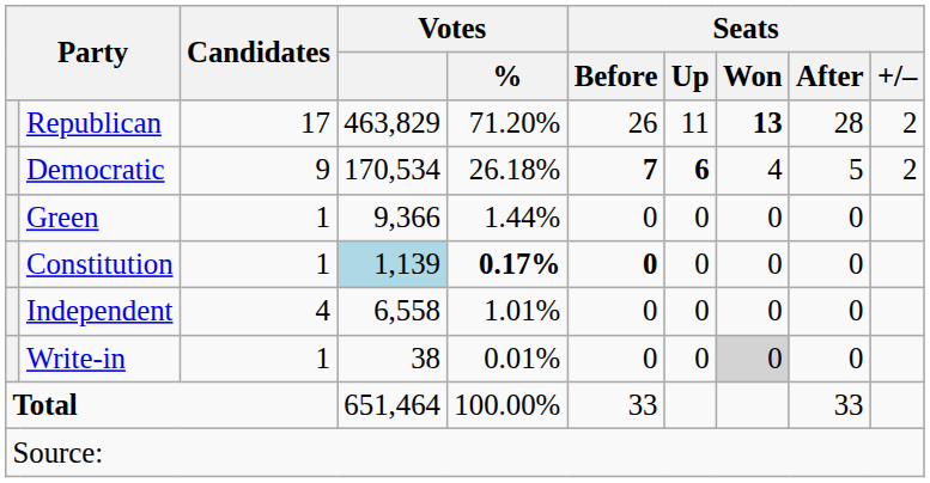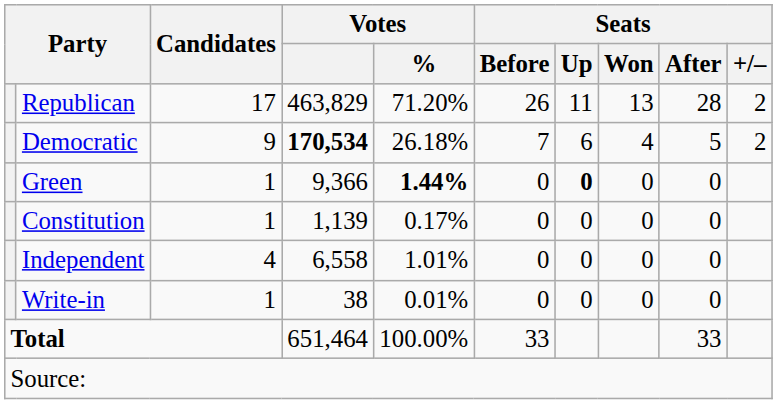 <table class="wikitable">
 <tr>
 <th colspan="2" rowspan="2">Party</th>
 <th rowspan="2">Candidates</th>
 <th colspan="2">Votes</th>
 <th colspan="5">Seats</th>
 </tr>
 <tr>
 <th></th>
 <th>%</th>
 <th>Before</th>
 <th>Up</th>
 <th>Won</th>
 <th>After</th>
 <th>+/–</th>
 </tr>
 <tr>
 <th style="background-color:"></th>
 <td><a href='#'>Republican</a></td>
 <td align="right">17</td>
 <td align="right">463,829</td>
 <td align="right">71.20%</td>
 <td align="right">26</td>
 <td align="right">11</td>
-<td align="right"><strong>13</strong></td>
+<td align="right">13</td>
 <td align="right">28</td>
 <td align="right"> 2</td>
 </tr>
 <tr>
 <th style="background-color:"></th>
 <td><a href='#'>Democratic</a></td>
 <td align="right">9</td>
-<td align="right">170,534</td>
+<td align="right"><strong>170,534</strong></td>
 <td align="right">26.18%</td>
-<td align="right"><strong>7</strong></td>
-<td align="right"><strong>6</strong></td>
+<td align="right">7</td>
+<td align="right">6</td>
 <td align="right">4</td>
 <td align="right">5</td>
 <td align="right"> 2</td>
 </tr>
 <tr>
 <th style="background-color:"></th>
 <td><a href='#'>Green</a></td>
 <td align="right">1</td>
 <td align="right">9,366</td>
-<td align="right">1.44%</td>
+<td align="right"><strong>1.44%</strong></td>
 <td align="right">0</td>
-<td align="right">0</td>
+<td align="right"><strong>0</strong></td>
 <td align="right">0</td>
 <td align="right">0</td>
 <td align="right"></td>
 </tr>
 <tr>
 <th style="background-color:"></th>
 <td><a href='#'>Constitution</a></td>
 <td align="right">1</td>
-<td align="right" style="background: lightblue;">1,139</td>
-<td align="right"><strong>0.17%</strong></td>
-<td align="right"><strong>0</strong></td>
+<td align="right">1,139</td>
+<td align="right">0.17%</td>
+<td align="right">0</td>
 <td align="right">0</td>
 <td align="right">0</td>
 <td align="right">0</td>
 <td align="right"></td>
 </tr>
 <tr>
 <th style="background-color:"></th>
 <td><a href='#'>Independent</a></td>
 <td align="right">4</td>
 <td align="right">6,558</td>
 <td align="right">1.01%</td>
 <td align="right">0</td>
 <td align="right">0</td>
 <td align="right">0</td>
 <td align="right">0</td>
 <td align="right"></td>
 </tr>
 <tr>
 <th style="background-color:"></th>
 <td><a href='#'>Write-in</a></td>
 <td align="right">1</td>
 <td align="right">38</td>
 <td align="right">0.01%</td>
 <td align="right">0</td>
 <td align="right">0</td>
-<td align="right" style="background: lightgrey;">0</td>
+<td align="right">0</td>
 <td align="right">0</td>
 <td align="right"></td>
 </tr>
 <tr>
 <td colspan="3" align="left"><strong>Total</strong></td>
 <td align="right">651,464</td>
 <td align="right">100.00%</td>
 <td align="right">33</td>
 <td align="right"></td>
 <td align="right"></td>
 <td align="right">33</td>
 <td align="right"></td>
 </tr>
 <tr>
 <td colspan="10">Source: </td>
 </tr>
 </table>
